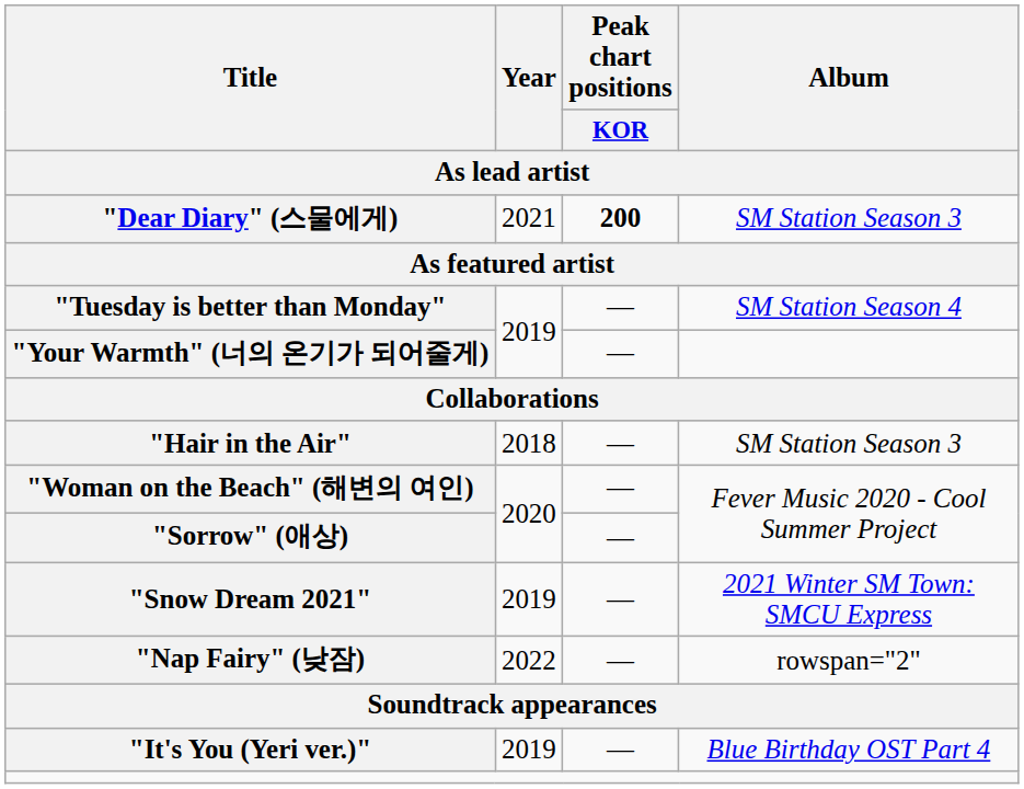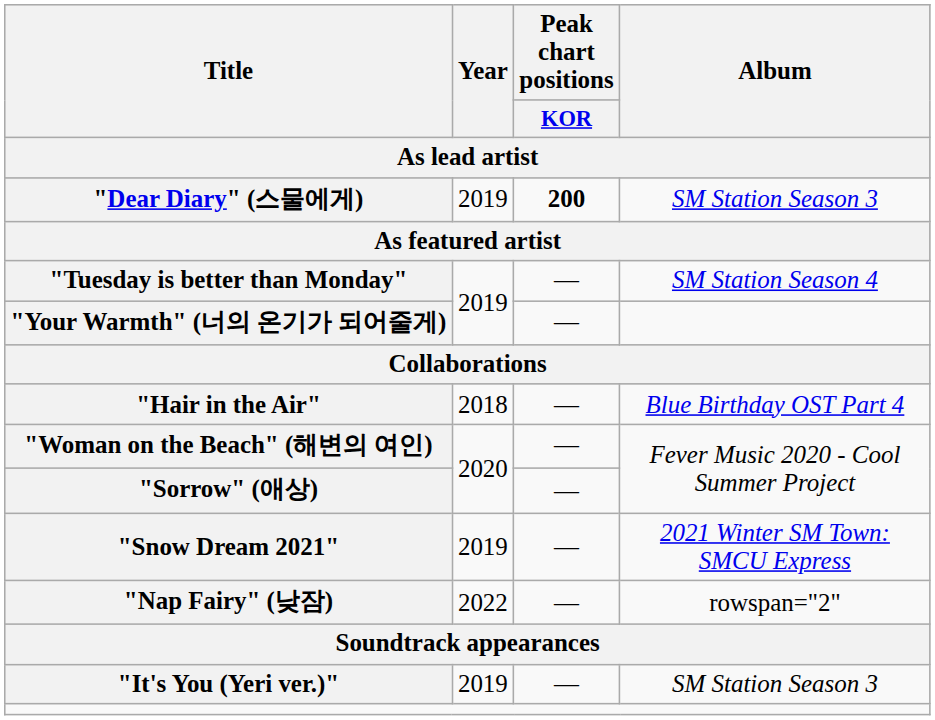 <table class="wikitable plainrowheaders" style="text-align:center">
 <tr>
 <th scope="col" rowspan="2">Title</th>
 <th scope="col" rowspan="2">Year</th>
 <th scope="col" colspan="1">Peak chart<br>positions</th>
 <th scope="col" rowspan="2" style="width:12em">Album</th>
 </tr>
 <tr>
 <th scope="col" style="font-size:90%; width:2.5em"><a href='#'>KOR</a><br></th>
 </tr>
 <tr>
 <th colspan="5" scope="col">As lead artist</th>
 </tr>
 <tr>
 <th scope="row">"<a href='#'>Dear Diary</a>" (스물에게)</th>
-<td>2021</td>
+<td>2019</td>
 <td><strong>200</strong></td>
 <td><em><a href='#'>SM Station Season 3</a></em></td>
 </tr>
 <tr>
 <th colspan="5" scope="col">As featured artist</th>
 </tr>
 <tr>
 <th scope="row">"Tuesday is better than Monday"<br></th>
 <td rowspan="2">2019</td>
 <td>—</td>
 <td><em><a href='#'>SM Station Season 4</a></em></td>
 </tr>
 <tr>
 <th scope="row">"Your Warmth" (너의 온기가 되어줄게)<br></th>
 <td>—</td>
 </tr>
 <tr>
 <th colspan="5" scope="col">Collaborations</th>
 </tr>
 <tr>
 <th scope="row">"Hair in the Air"<br></th>
 <td>2018</td>
 <td>—</td>
-<td><em>SM Station Season 3</em></td>
+<td><em><a href='#'>Blue Birthday OST Part 4</a></em></td>
 </tr>
 <tr>
 <th scope="row">"Woman on the Beach" (해변의 여인)<br></th>
 <td rowspan="2">2020</td>
 <td>—</td>
 <td rowspan="2"><em>Fever Music 2020 - Cool Summer Project</em></td>
 </tr>
 <tr>
 <th scope="row">"Sorrow" (애상)<br></th>
 <td>—</td>
 </tr>
 <tr>
 <th scope="row">"Snow Dream 2021" <br></th>
 <td>2019</td>
 <td>—</td>
 <td><em><a href='#'>2021 Winter SM Town: SMCU Express</a></em></td>
 </tr>
 <tr>
 <th scope="row">"Nap Fairy" (낮잠)<br></th>
 <td>2022</td>
 <td>—</td>
 <td>rowspan="2" </td>
 </tr>
 <tr>
 <th colspan="5" scope="col">Soundtrack appearances</th>
 </tr>
 <tr>
 <th scope="row">"It's You (Yeri ver.)"</th>
 <td>2019</td>
 <td>—</td>
-<td><em><a href='#'>Blue Birthday OST Part 4</a></em></td>
+<td><em>SM Station Season 3</em></td>
 </tr>
 <tr>
 <td colspan="4"></td>
 </tr>
 </table>
